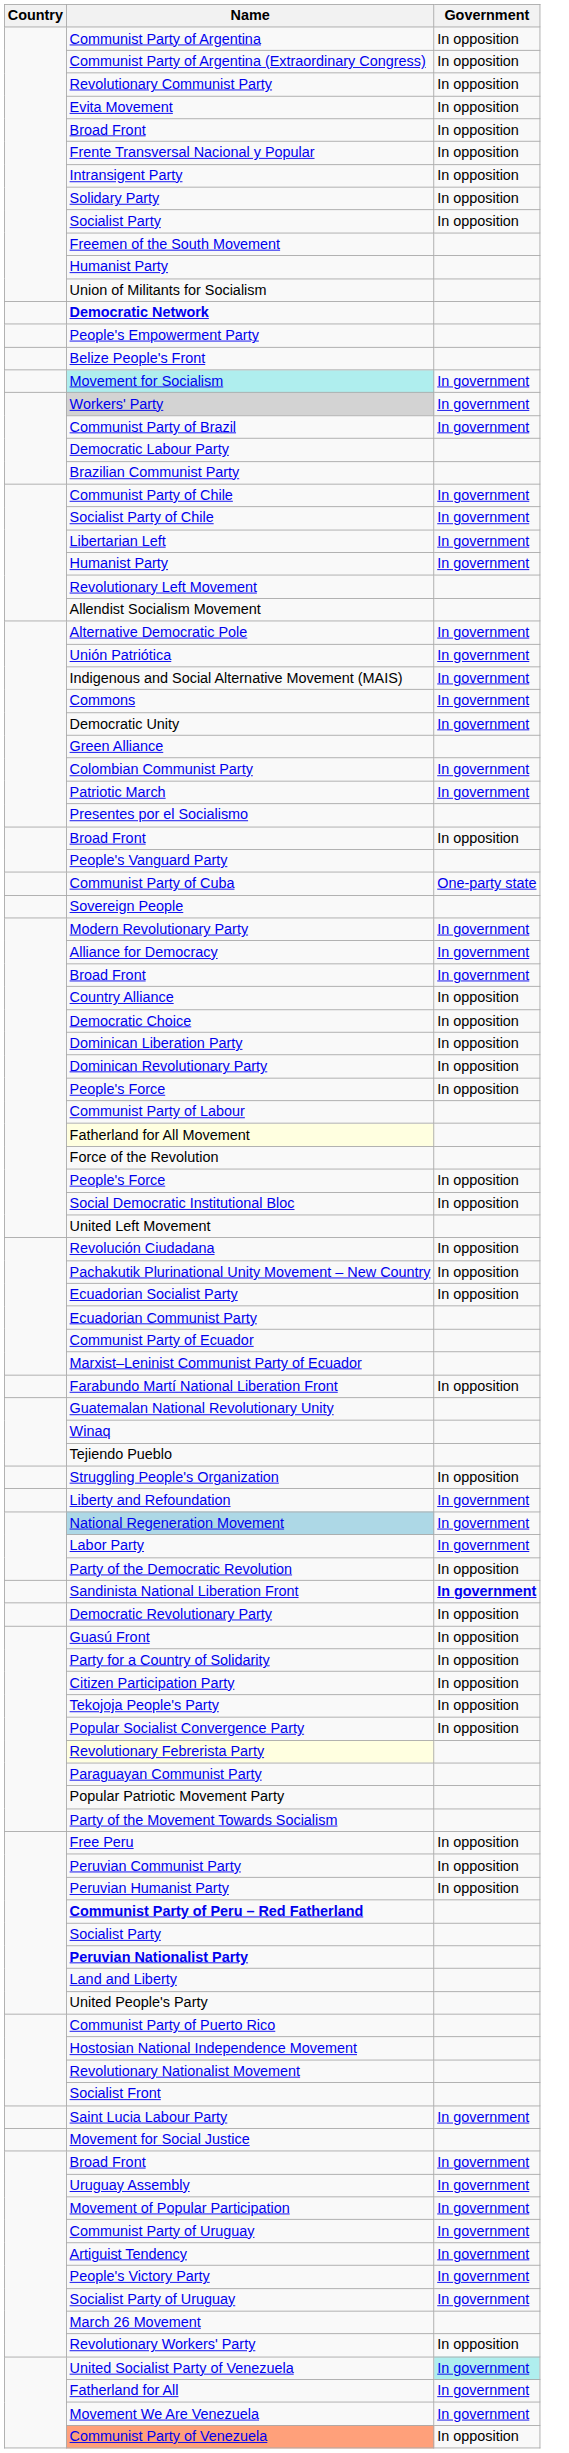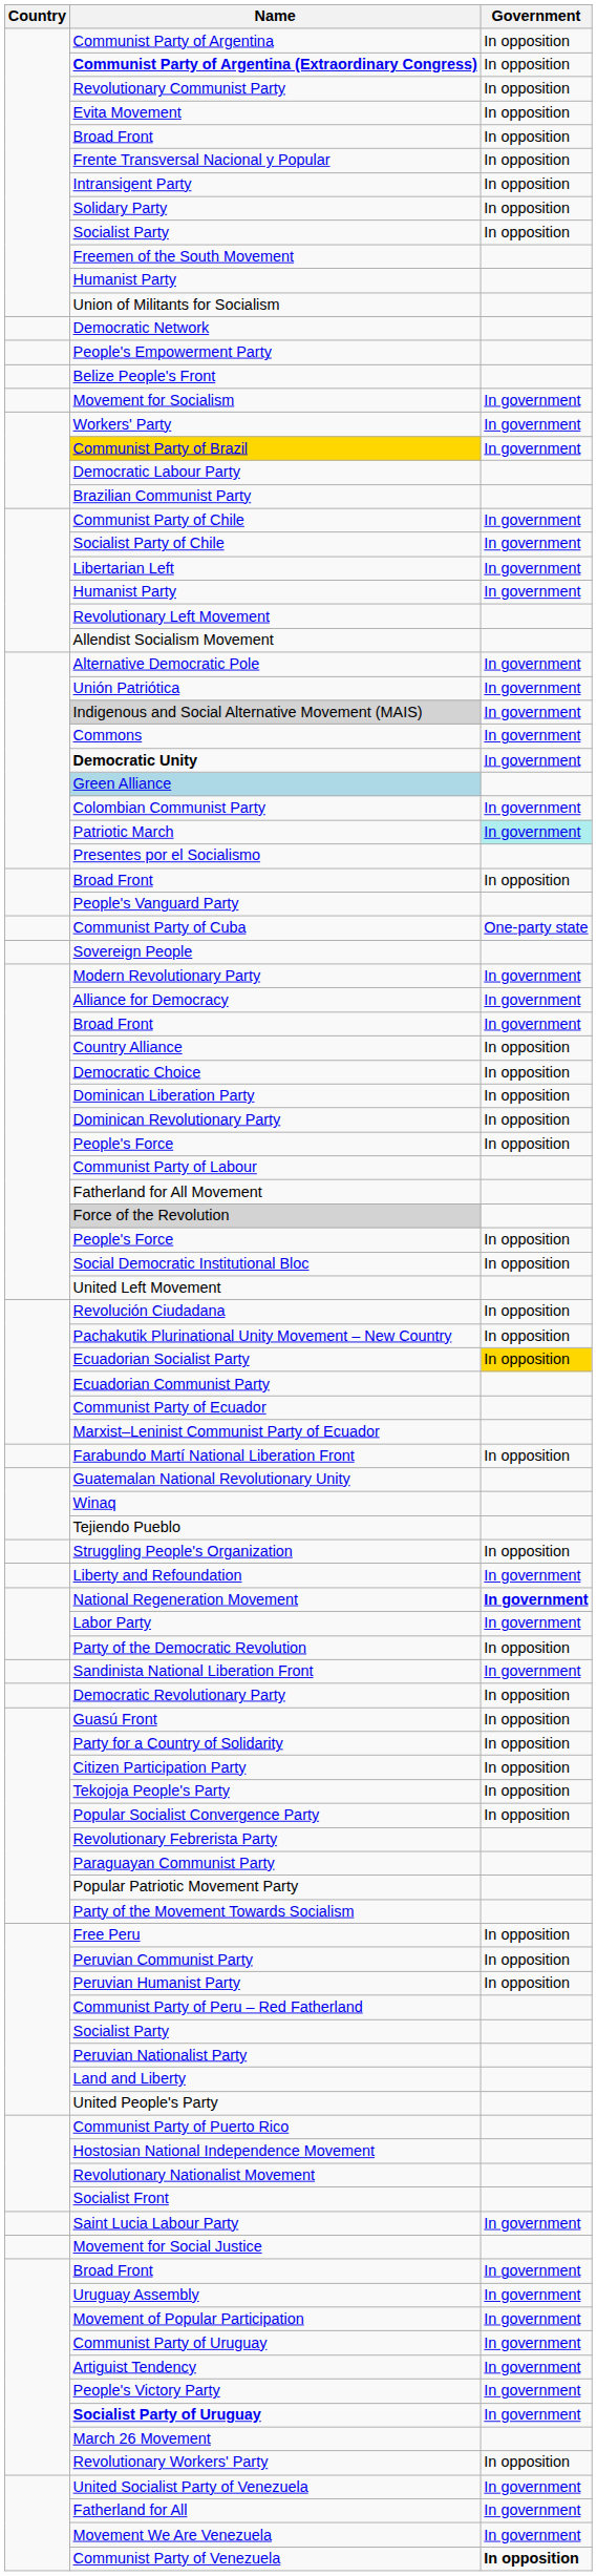 <table class="wikitable sortable">
 <tr>
 <th>Country</th>
 <th>Name</th>
 <th>Government</th>
 </tr>
 <tr>
 <td rowspan="12"></td>
 <td><a href='#'>Communist Party of Argentina</a></td>
 <td> In opposition</td>
 </tr>
 <tr>
-<td><a href='#'>Communist Party of Argentina (Extraordinary Congress)</a></td>
+<td><strong><a href='#'>Communist Party of Argentina (Extraordinary Congress)</a></strong></td>
 <td> In opposition</td>
 </tr>
 <tr>
 <td><a href='#'>Revolutionary Communist Party</a></td>
 <td> In opposition</td>
 </tr>
 <tr>
 <td><a href='#'>Evita Movement</a></td>
 <td> In opposition</td>
 </tr>
 <tr>
 <td><a href='#'>Broad Front</a></td>
 <td> In opposition</td>
 </tr>
 <tr>
 <td><a href='#'>Frente Transversal Nacional y Popular</a></td>
 <td> In opposition</td>
 </tr>
 <tr>
 <td><a href='#'>Intransigent Party</a></td>
 <td> In opposition</td>
 </tr>
 <tr>
 <td><a href='#'>Solidary Party</a></td>
 <td> In opposition</td>
 </tr>
 <tr>
 <td><a href='#'>Socialist Party</a></td>
 <td> In opposition</td>
 </tr>
 <tr>
 <td><a href='#'>Freemen of the South Movement</a></td>
 <td></td>
 </tr>
 <tr>
 <td><a href='#'>Humanist Party</a></td>
 <td></td>
 </tr>
 <tr>
 <td>Union of Militants for Socialism</td>
 <td></td>
 </tr>
 <tr>
 <td></td>
-<td><strong><a href='#'>Democratic Network</a></strong></td>
+<td><a href='#'>Democratic Network</a></td>
 <td></td>
 </tr>
 <tr>
 <td></td>
 <td><a href='#'>People's Empowerment Party</a></td>
 <td></td>
 </tr>
 <tr>
 <td></td>
 <td><a href='#'>Belize People's Front</a></td>
 <td></td>
 </tr>
 <tr>
 <td rowspan="1"></td>
-<td style="background: paleturquoise;"><a href='#'>Movement for Socialism</a></td>
+<td><a href='#'>Movement for Socialism</a></td>
 <td> <a href='#'>In government</a></td>
 </tr>
 <tr>
 <td rowspan="4"></td>
-<td style="background: lightgrey;"><a href='#'>Workers' Party</a></td>
+<td><a href='#'>Workers' Party</a></td>
 <td> <a href='#'>In government</a></td>
 </tr>
 <tr>
-<td><a href='#'>Communist Party of Brazil</a></td>
+<td style="background: gold;"><a href='#'>Communist Party of Brazil</a></td>
 <td> <a href='#'>In government</a></td>
 </tr>
 <tr>
 <td><a href='#'>Democratic Labour Party</a></td>
 <td></td>
 </tr>
 <tr>
 <td><a href='#'>Brazilian Communist Party</a></td>
 <td></td>
 </tr>
 <tr>
 <td rowspan="6"></td>
 <td><a href='#'>Communist Party of Chile</a></td>
 <td> <a href='#'>In government</a></td>
 </tr>
 <tr>
 <td><a href='#'>Socialist Party of Chile</a></td>
 <td> <a href='#'>In government</a></td>
 </tr>
 <tr>
 <td><a href='#'>Libertarian Left</a></td>
 <td> <a href='#'>In government</a></td>
 </tr>
 <tr>
 <td><a href='#'>Humanist Party</a></td>
 <td> <a href='#'>In government</a></td>
 </tr>
 <tr>
 <td><a href='#'>Revolutionary Left Movement</a></td>
 <td></td>
 </tr>
 <tr>
 <td>Allendist Socialism Movement</td>
 <td></td>
 </tr>
 <tr>
 <td rowspan=9></td>
 <td><a href='#'>Alternative Democratic Pole</a></td>
 <td> <a href='#'>In government</a></td>
 </tr>
 <tr>
 <td><a href='#'>Unión Patriótica</a></td>
 <td> <a href='#'>In government</a></td>
 </tr>
 <tr>
-<td>Indigenous and Social Alternative Movement (MAIS)</td>
+<td style="background: lightgrey;">Indigenous and Social Alternative Movement (MAIS)</td>
 <td> <a href='#'>In government</a></td>
 </tr>
 <tr>
 <td><a href='#'>Commons</a></td>
 <td> <a href='#'>In government</a></td>
 </tr>
 <tr>
-<td>Democratic Unity</td>
+<td><strong>Democratic Unity</strong></td>
 <td> <a href='#'>In government</a></td>
 </tr>
 <tr>
-<td><a href='#'>Green Alliance</a></td>
+<td style="background: lightblue;"><a href='#'>Green Alliance</a></td>
 <td></td>
 </tr>
 <tr>
 <td><a href='#'>Colombian Communist Party</a></td>
 <td> <a href='#'>In government</a></td>
 </tr>
 <tr>
 <td><a href='#'>Patriotic March</a></td>
-<td> <a href='#'>In government</a></td>
+<td style="background: paleturquoise;"> <a href='#'>In government</a></td>
 </tr>
 <tr>
 <td><a href='#'>Presentes por el Socialismo</a></td>
 <td></td>
 </tr>
 <tr>
 <td rowspan="2"></td>
 <td><a href='#'>Broad Front</a></td>
 <td> In opposition</td>
 </tr>
 <tr>
 <td><a href='#'>People's Vanguard Party</a></td>
 <td></td>
 </tr>
 <tr>
 <td></td>
 <td><a href='#'>Communist Party of Cuba</a></td>
 <td> <a href='#'>One-party state</a></td>
 </tr>
 <tr>
 <td></td>
 <td><a href='#'>Sovereign People</a></td>
 <td></td>
 </tr>
 <tr>
 <td rowspan=14></td>
 <td><a href='#'>Modern Revolutionary Party</a></td>
 <td> <a href='#'>In government</a></td>
 </tr>
 <tr>
 <td><a href='#'>Alliance for Democracy</a></td>
 <td> <a href='#'>In government</a></td>
 </tr>
 <tr>
 <td><a href='#'>Broad Front</a></td>
 <td> <a href='#'>In government</a></td>
 </tr>
 <tr>
 <td><a href='#'>Country Alliance</a></td>
 <td> In opposition</td>
 </tr>
 <tr>
 <td><a href='#'>Democratic Choice</a></td>
 <td> In opposition</td>
 </tr>
 <tr>
 <td><a href='#'>Dominican Liberation Party</a></td>
 <td> In opposition</td>
 </tr>
 <tr>
 <td><a href='#'>Dominican Revolutionary Party</a></td>
 <td> In opposition</td>
 </tr>
 <tr>
 <td><a href='#'>People's Force</a></td>
 <td> In opposition</td>
 </tr>
 <tr>
 <td><a href='#'>Communist Party of Labour</a></td>
 <td></td>
 </tr>
 <tr>
-<td style="background: lightyellow;">Fatherland for All Movement</td>
+<td>Fatherland for All Movement</td>
 <td></td>
 </tr>
 <tr>
-<td>Force of the Revolution</td>
+<td style="background: lightgrey;">Force of the Revolution</td>
 <td></td>
 </tr>
 <tr>
 <td><a href='#'>People's Force</a></td>
 <td> In opposition</td>
 </tr>
 <tr>
 <td><a href='#'>Social Democratic Institutional Bloc</a></td>
 <td> In opposition</td>
 </tr>
 <tr>
 <td>United Left Movement</td>
 <td></td>
 </tr>
 <tr>
 <td rowspan="6"></td>
 <td><a href='#'>Revolución Ciudadana</a></td>
 <td> In opposition</td>
 </tr>
 <tr>
 <td><a href='#'>Pachakutik Plurinational Unity Movement – New Country</a></td>
 <td> In opposition</td>
 </tr>
 <tr>
 <td><a href='#'>Ecuadorian Socialist Party</a></td>
-<td> In opposition</td>
+<td style="background: gold;"> In opposition</td>
 </tr>
 <tr>
 <td><a href='#'>Ecuadorian Communist Party</a></td>
 <td></td>
 </tr>
 <tr>
 <td><a href='#'>Communist Party of Ecuador</a></td>
 <td></td>
 </tr>
 <tr>
 <td><a href='#'>Marxist–Leninist Communist Party of Ecuador</a></td>
 <td></td>
 </tr>
 <tr>
 <td></td>
 <td><a href='#'>Farabundo Martí National Liberation Front</a></td>
 <td> In opposition</td>
 </tr>
 <tr>
 <td rowspan=3></td>
 <td><a href='#'>Guatemalan National Revolutionary Unity</a></td>
 <td></td>
 </tr>
 <tr>
 <td><a href='#'>Winaq</a></td>
 <td></td>
 </tr>
 <tr>
 <td>Tejiendo Pueblo</td>
 <td></td>
 </tr>
 <tr>
 <td></td>
 <td><a href='#'>Struggling People's Organization</a></td>
 <td> In opposition</td>
 </tr>
 <tr>
 <td></td>
 <td><a href='#'>Liberty and Refoundation</a></td>
 <td> <a href='#'>In government</a></td>
 </tr>
 <tr>
 <td rowspan=3></td>
-<td style="background: lightblue;"><a href='#'>National Regeneration Movement</a></td>
-<td> <a href='#'>In government</a></td>
+<td><a href='#'>National Regeneration Movement</a></td>
+<td><strong> <a href='#'>In government</a></strong></td>
 </tr>
 <tr>
 <td><a href='#'>Labor Party</a></td>
 <td> <a href='#'>In government</a></td>
 </tr>
 <tr>
 <td><a href='#'>Party of the Democratic Revolution</a></td>
 <td> In opposition</td>
 </tr>
 <tr>
 <td></td>
 <td><a href='#'>Sandinista National Liberation Front</a></td>
-<td><strong> <a href='#'>In government</a></strong></td>
+<td> <a href='#'>In government</a></td>
 </tr>
 <tr>
 <td></td>
 <td><a href='#'>Democratic Revolutionary Party</a></td>
 <td> In opposition</td>
 </tr>
 <tr>
 <td rowspan="9"></td>
 <td><a href='#'>Guasú Front</a></td>
 <td> In opposition</td>
 </tr>
 <tr>
 <td><a href='#'>Party for a Country of Solidarity</a></td>
 <td> In opposition</td>
 </tr>
 <tr>
 <td><a href='#'>Citizen Participation Party</a></td>
 <td> In opposition</td>
 </tr>
 <tr>
 <td><a href='#'>Tekojoja People's Party</a></td>
 <td> In opposition</td>
 </tr>
 <tr>
 <td><a href='#'>Popular Socialist Convergence Party</a></td>
 <td> In opposition</td>
 </tr>
 <tr>
-<td style="background: lightyellow;"><a href='#'>Revolutionary Febrerista Party</a></td>
+<td><a href='#'>Revolutionary Febrerista Party</a></td>
 <td></td>
 </tr>
 <tr>
 <td><a href='#'>Paraguayan Communist Party</a></td>
 <td></td>
 </tr>
 <tr>
 <td>Popular Patriotic Movement Party</td>
 <td></td>
 </tr>
 <tr>
 <td><a href='#'>Party of the Movement Towards Socialism</a></td>
 <td></td>
 </tr>
 <tr>
 <td rowspan="8"></td>
 <td><a href='#'>Free Peru</a></td>
 <td> In opposition</td>
 </tr>
 <tr>
 <td><a href='#'>Peruvian Communist Party</a></td>
 <td> In opposition</td>
 </tr>
 <tr>
 <td><a href='#'>Peruvian Humanist Party</a></td>
 <td> In opposition</td>
 </tr>
 <tr>
-<td><strong><a href='#'>Communist Party of Peru – Red Fatherland</a></strong></td>
+<td><a href='#'>Communist Party of Peru – Red Fatherland</a></td>
 <td></td>
 </tr>
 <tr>
 <td><a href='#'>Socialist Party</a></td>
 <td></td>
 </tr>
 <tr>
-<td><strong><a href='#'>Peruvian Nationalist Party</a></strong></td>
+<td><a href='#'>Peruvian Nationalist Party</a></td>
 <td></td>
 </tr>
 <tr>
 <td><a href='#'>Land and Liberty</a></td>
 <td></td>
 </tr>
 <tr>
 <td>United People's Party</td>
 <td></td>
 </tr>
 <tr>
 <td rowspan="4"></td>
 <td><a href='#'>Communist Party of Puerto Rico</a></td>
 <td></td>
 </tr>
 <tr>
 <td><a href='#'>Hostosian National Independence Movement</a></td>
 <td></td>
 </tr>
 <tr>
 <td><a href='#'>Revolutionary Nationalist Movement</a></td>
 <td></td>
 </tr>
 <tr>
 <td><a href='#'>Socialist Front</a></td>
 <td></td>
 </tr>
 <tr>
 <td></td>
 <td><a href='#'>Saint Lucia Labour Party</a></td>
 <td> <a href='#'>In government</a></td>
 </tr>
 <tr>
 <td></td>
 <td><a href='#'>Movement for Social Justice</a></td>
 <td></td>
 </tr>
 <tr>
 <td rowspan=9></td>
 <td><a href='#'>Broad Front</a></td>
 <td> <a href='#'>In government</a></td>
 </tr>
 <tr>
 <td><a href='#'>Uruguay Assembly</a></td>
 <td> <a href='#'>In government</a></td>
 </tr>
 <tr>
 <td><a href='#'>Movement of Popular Participation</a></td>
 <td> <a href='#'>In government</a></td>
 </tr>
 <tr>
 <td><a href='#'>Communist Party of Uruguay</a></td>
 <td> <a href='#'>In government</a></td>
 </tr>
 <tr>
 <td><a href='#'>Artiguist Tendency</a></td>
 <td> <a href='#'>In government</a></td>
 </tr>
 <tr>
 <td><a href='#'>People's Victory Party</a></td>
 <td> <a href='#'>In government</a></td>
 </tr>
 <tr>
-<td><a href='#'>Socialist Party of Uruguay</a></td>
+<td><strong><a href='#'>Socialist Party of Uruguay</a></strong></td>
 <td> <a href='#'>In government</a></td>
 </tr>
 <tr>
 <td><a href='#'>March 26 Movement</a></td>
 <td></td>
 </tr>
 <tr>
 <td><a href='#'>Revolutionary Workers' Party</a></td>
 <td> In opposition</td>
 </tr>
 <tr>
 <td rowspan=4></td>
 <td><a href='#'>United Socialist Party of Venezuela</a></td>
-<td style="background: paleturquoise;"> <a href='#'>In government</a></td>
+<td> <a href='#'>In government</a></td>
 </tr>
 <tr>
 <td><a href='#'>Fatherland for All</a></td>
 <td> <a href='#'>In government</a></td>
 </tr>
 <tr>
 <td><a href='#'>Movement We Are Venezuela</a></td>
 <td> <a href='#'>In government</a></td>
 </tr>
 <tr>
-<td style="background: lightsalmon;"><a href='#'>Communist Party of Venezuela</a></td>
-<td> In opposition</td>
+<td><a href='#'>Communist Party of Venezuela</a></td>
+<td><strong> In opposition</strong></td>
 </tr>
 </table>
